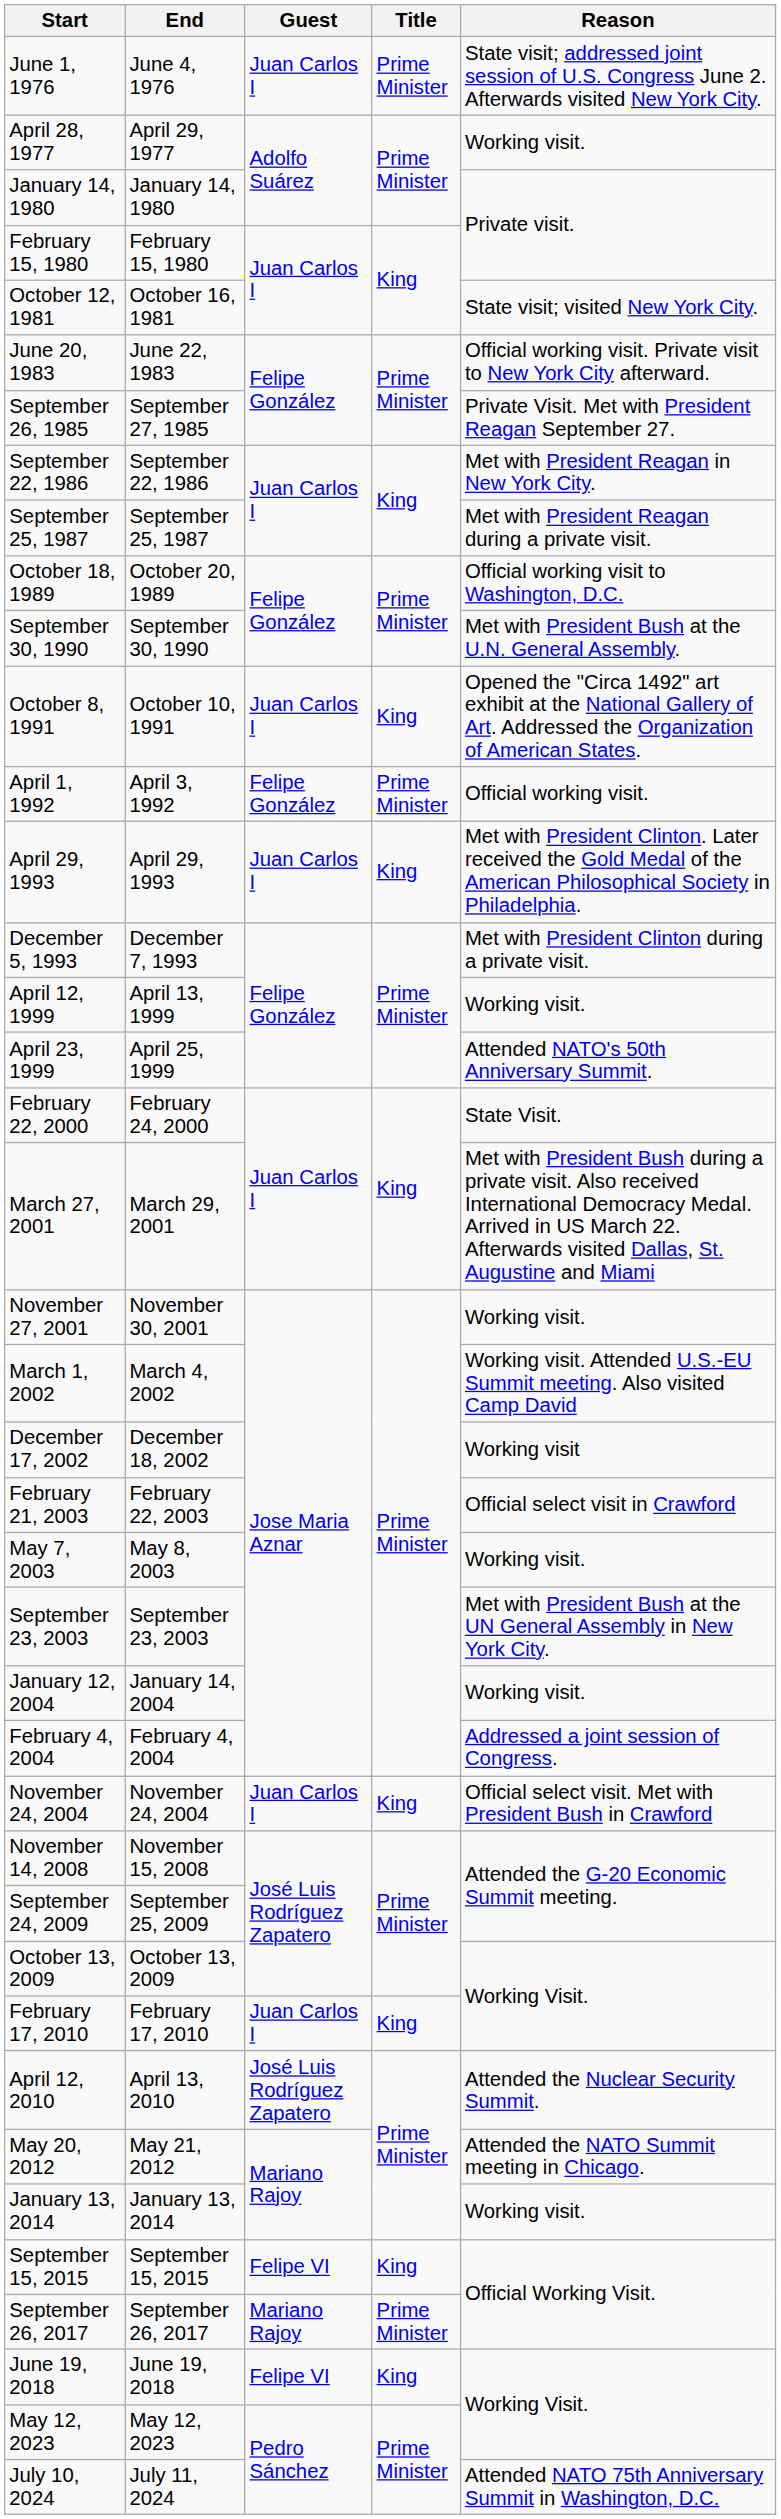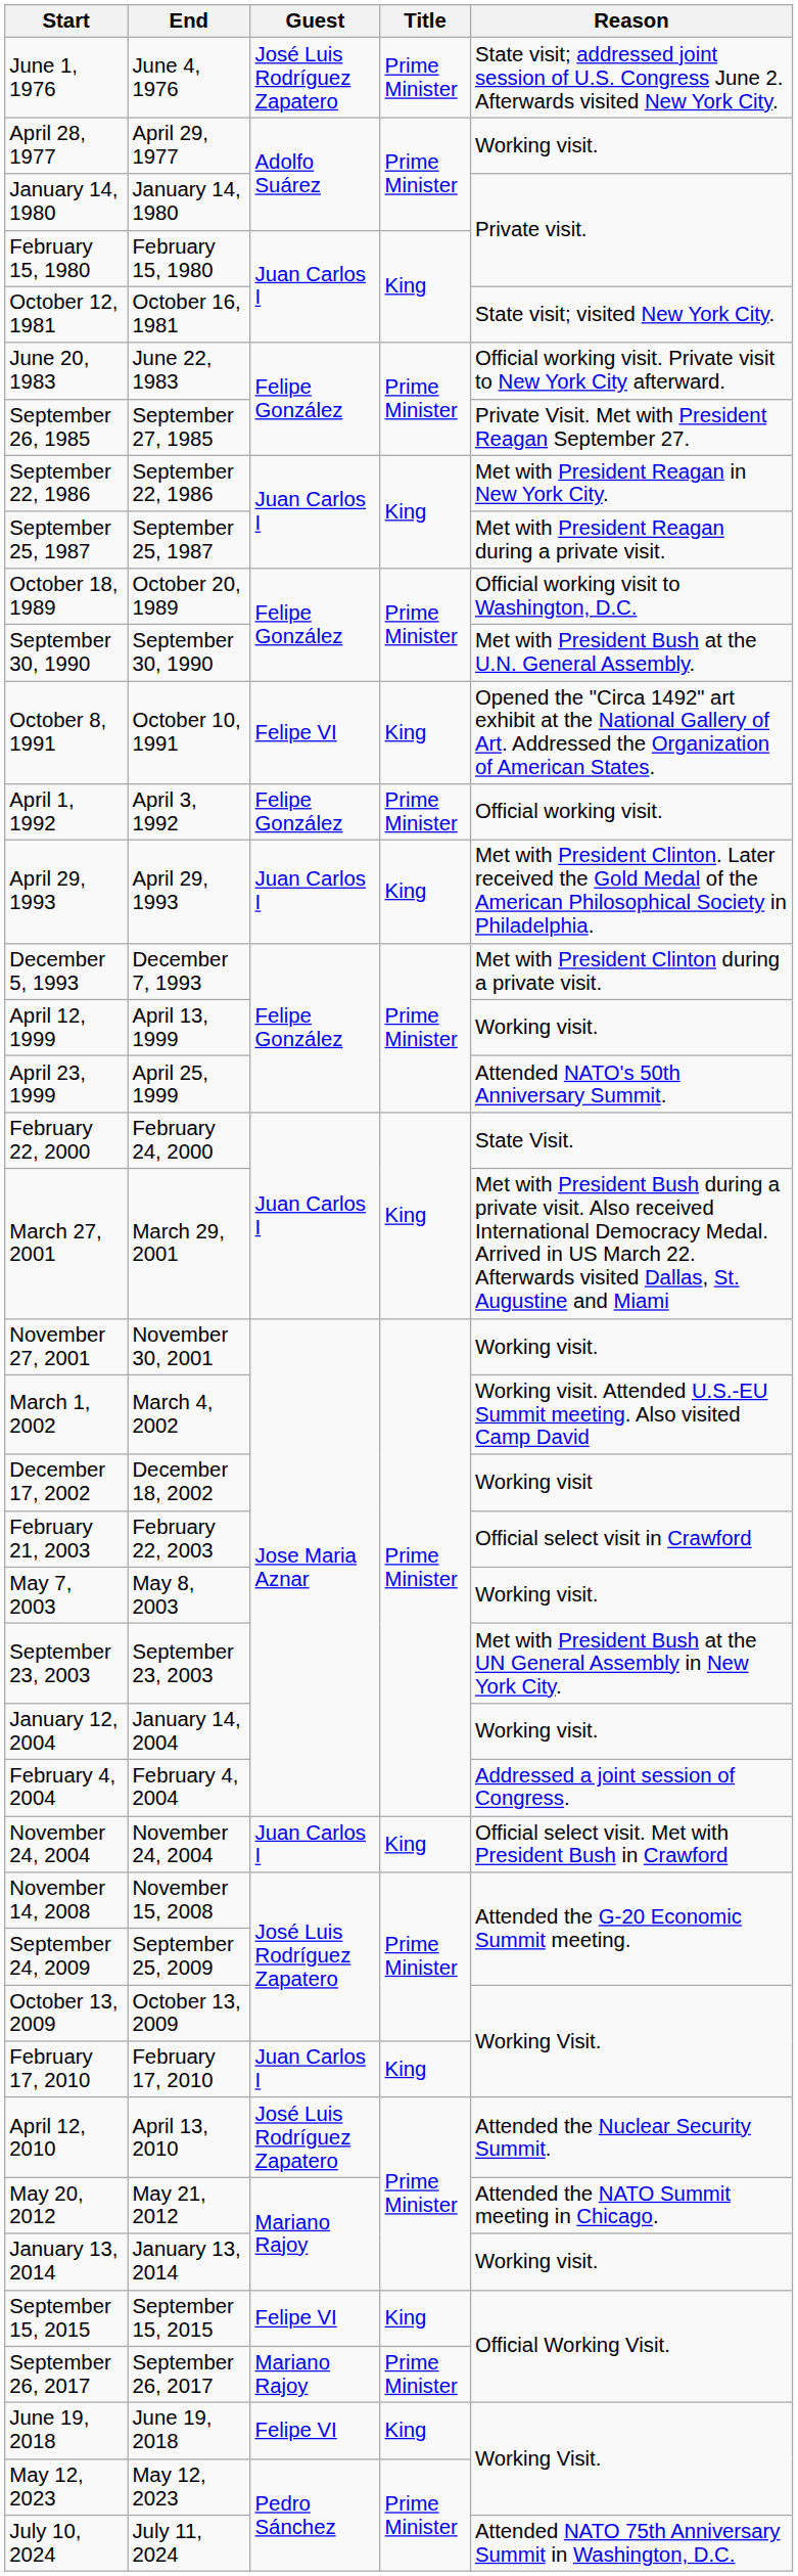 <table class="wikitable sortable">
 <tr>
 <th>Start</th>
 <th>End</th>
 <th>Guest</th>
 <th>Title</th>
 <th>Reason</th>
 </tr>
 <tr>
 <td>June 1, 1976</td>
 <td>June 4, 1976</td>
-<td><a href='#'>Juan Carlos I</a></td>
+<td><a href='#'>José Luis Rodríguez Zapatero</a></td>
 <td><a href='#'>Prime Minister</a></td>
 <td>State visit; <a href='#'>addressed joint session of U.S. Congress</a> June 2. Afterwards visited <a href='#'>New York City</a>.</td>
 </tr>
 <tr>
 <td>April 28, 1977</td>
 <td>April 29, 1977</td>
 <td rowspan=2><a href='#'>Adolfo Suárez</a></td>
 <td rowspan=2><a href='#'>Prime Minister</a></td>
 <td>Working visit.</td>
 </tr>
 <tr>
 <td>January 14, 1980</td>
 <td>January 14, 1980</td>
 <td rowspan=2>Private visit.</td>
 </tr>
 <tr>
 <td>February 15, 1980</td>
 <td>February 15, 1980</td>
 <td rowspan="2"><a href='#'>Juan Carlos I</a></td>
 <td rowspan="2"><a href='#'>King</a></td>
 </tr>
 <tr>
 <td>October 12, 1981</td>
 <td>October 16, 1981</td>
 <td>State visit; visited <a href='#'>New York City</a>.</td>
 </tr>
 <tr>
 <td>June 20, 1983</td>
 <td>June 22, 1983</td>
 <td rowspan=2><a href='#'>Felipe González</a></td>
 <td rowspan="2"><a href='#'>Prime Minister</a></td>
 <td>Official working visit. Private visit to <a href='#'>New York City</a> afterward.</td>
 </tr>
 <tr>
 <td>September 26, 1985</td>
 <td>September 27, 1985</td>
 <td>Private Visit. Met with <a href='#'>President Reagan</a> September 27.</td>
 </tr>
 <tr>
 <td>September 22, 1986</td>
 <td>September 22, 1986</td>
 <td rowspan="2"><a href='#'>Juan Carlos I</a></td>
 <td rowspan="2"><a href='#'>King</a></td>
 <td>Met with <a href='#'>President Reagan</a> in <a href='#'>New York City</a>.</td>
 </tr>
 <tr>
 <td>September 25, 1987</td>
 <td>September 25, 1987</td>
 <td>Met with <a href='#'>President Reagan</a> during a private visit.</td>
 </tr>
 <tr>
 <td>October 18, 1989</td>
 <td>October 20, 1989</td>
 <td rowspan="2"><a href='#'>Felipe González</a></td>
 <td rowspan="2"><a href='#'>Prime Minister</a></td>
 <td>Official working visit to <a href='#'>Washington, D.C.</a></td>
 </tr>
 <tr>
 <td>September 30, 1990</td>
 <td>September 30, 1990</td>
 <td>Met with <a href='#'>President Bush</a> at the <a href='#'>U.N. General Assembly</a>.</td>
 </tr>
 <tr>
 <td>October 8, 1991</td>
 <td>October 10, 1991</td>
-<td><a href='#'>Juan Carlos I</a></td>
+<td><a href='#'>Felipe VI</a></td>
 <td><a href='#'>King</a></td>
 <td>Opened the "Circa 1492" art exhibit at the <a href='#'>National Gallery of Art</a>. Addressed the <a href='#'>Organization of American States</a>.</td>
 </tr>
 <tr>
 <td>April 1, 1992</td>
 <td>April 3, 1992</td>
 <td><a href='#'>Felipe González</a></td>
 <td><a href='#'>Prime Minister</a></td>
 <td>Official working visit.</td>
 </tr>
 <tr>
 <td>April 29, 1993</td>
 <td>April 29, 1993</td>
 <td><a href='#'>Juan Carlos I</a></td>
 <td><a href='#'>King</a></td>
 <td>Met with <a href='#'>President Clinton</a>. Later received the <a href='#'>Gold Medal</a> of the <a href='#'>American Philosophical Society</a> in <a href='#'>Philadelphia</a>.</td>
 </tr>
 <tr>
 <td>December 5, 1993</td>
 <td>December 7, 1993</td>
 <td rowspan="3"><a href='#'>Felipe González</a></td>
 <td rowspan="3"><a href='#'>Prime Minister</a></td>
 <td>Met with <a href='#'>President Clinton</a> during a private visit.</td>
 </tr>
 <tr>
 <td>April 12, 1999</td>
 <td>April 13, 1999</td>
 <td>Working visit.</td>
 </tr>
 <tr>
 <td>April 23, 1999</td>
 <td>April 25, 1999</td>
 <td>Attended <a href='#'>NATO's 50th Anniversary Summit</a>.</td>
 </tr>
 <tr>
 <td>February 22, 2000</td>
 <td>February 24, 2000</td>
 <td rowspan="2"><a href='#'>Juan Carlos I</a></td>
 <td rowspan="2"><a href='#'>King</a></td>
 <td>State Visit.</td>
 </tr>
 <tr>
 <td>March 27, 2001</td>
 <td>March 29, 2001</td>
 <td>Met with <a href='#'>President Bush</a> during a private visit. Also received International Democracy Medal. Arrived in US March 22. Afterwards visited <a href='#'>Dallas</a>, <a href='#'>St. Augustine</a> and <a href='#'>Miami</a></td>
 </tr>
 <tr>
 <td>November 27, 2001</td>
 <td>November 30, 2001</td>
 <td rowspan=8><a href='#'>Jose Maria Aznar</a></td>
 <td rowspan="8"><a href='#'>Prime Minister</a></td>
 <td>Working visit.</td>
 </tr>
 <tr>
 <td>March 1, 2002</td>
 <td>March 4, 2002</td>
 <td>Working visit. Attended <a href='#'>U.S.-EU Summit meeting</a>. Also visited <a href='#'>Camp David</a></td>
 </tr>
 <tr>
 <td>December 17, 2002</td>
 <td>December 18, 2002</td>
 <td>Working visit</td>
 </tr>
 <tr>
 <td>February 21, 2003</td>
 <td>February 22, 2003</td>
 <td>Official select visit in <a href='#'>Crawford</a></td>
 </tr>
 <tr>
 <td>May 7, 2003</td>
 <td>May 8, 2003</td>
 <td>Working visit.</td>
 </tr>
 <tr>
 <td>September 23, 2003</td>
 <td>September 23, 2003</td>
 <td>Met with <a href='#'>President Bush</a> at the <a href='#'>UN General Assembly</a> in <a href='#'>New York City</a>.</td>
 </tr>
 <tr>
 <td>January 12, 2004</td>
 <td>January 14, 2004</td>
 <td>Working visit.</td>
 </tr>
 <tr>
 <td>February 4, 2004</td>
 <td>February 4, 2004</td>
 <td><a href='#'>Addressed a joint session of Congress</a>.</td>
 </tr>
 <tr>
 <td>November 24, 2004</td>
 <td>November 24, 2004</td>
 <td><a href='#'>Juan Carlos I</a></td>
 <td><a href='#'>King</a></td>
 <td>Official select visit. Met with <a href='#'>President Bush</a> in <a href='#'>Crawford</a></td>
 </tr>
 <tr>
 <td>November 14, 2008</td>
 <td>November 15, 2008</td>
 <td rowspan="3"><a href='#'>José Luis Rodríguez Zapatero</a></td>
 <td rowspan="3"><a href='#'>Prime Minister</a></td>
 <td rowspan=2>Attended the <a href='#'>G-20 Economic Summit</a> meeting.</td>
 </tr>
 <tr>
 <td>September 24, 2009</td>
 <td>September 25, 2009</td>
 </tr>
 <tr>
 <td>October 13, 2009</td>
 <td>October 13, 2009</td>
 <td rowspan=2>Working Visit.</td>
 </tr>
 <tr>
 <td>February 17, 2010</td>
 <td>February 17, 2010</td>
 <td><a href='#'>Juan Carlos I</a></td>
 <td><a href='#'>King</a></td>
 </tr>
 <tr>
 <td>April 12, 2010</td>
 <td>April 13, 2010</td>
 <td><a href='#'>José Luis Rodríguez Zapatero</a></td>
 <td rowspan="3"><a href='#'>Prime Minister</a></td>
 <td>Attended the <a href='#'>Nuclear Security Summit</a>.</td>
 </tr>
 <tr>
 <td>May 20, 2012</td>
 <td>May 21, 2012</td>
 <td rowspan="2"><a href='#'>Mariano Rajoy</a></td>
 <td>Attended the <a href='#'>NATO Summit</a> meeting in <a href='#'>Chicago</a>.</td>
 </tr>
 <tr>
 <td>January 13, 2014</td>
 <td>January 13, 2014</td>
 <td>Working visit.</td>
 </tr>
 <tr>
 <td>September 15, 2015</td>
 <td>September 15, 2015</td>
 <td><a href='#'>Felipe VI</a></td>
 <td><a href='#'>King</a></td>
 <td rowspan=2>Official Working Visit.</td>
 </tr>
 <tr>
 <td>September 26, 2017</td>
 <td>September 26, 2017</td>
 <td><a href='#'>Mariano Rajoy</a></td>
 <td><a href='#'>Prime Minister</a></td>
 </tr>
 <tr>
 <td>June 19, 2018</td>
 <td>June 19, 2018</td>
 <td><a href='#'>Felipe VI</a></td>
 <td><a href='#'>King</a></td>
 <td rowspan=2>Working Visit.</td>
 </tr>
 <tr>
 <td>May 12, 2023</td>
 <td>May 12, 2023</td>
 <td rowspan=2><a href='#'>Pedro Sánchez</a></td>
 <td rowspan=2><a href='#'>Prime Minister</a></td>
 </tr>
 <tr>
 <td>July 10, 2024</td>
 <td>July 11, 2024</td>
 <td>Attended <a href='#'>NATO 75th Anniversary Summit</a> in <a href='#'>Washington, D.C.</a></td>
 </tr>
 </table>
